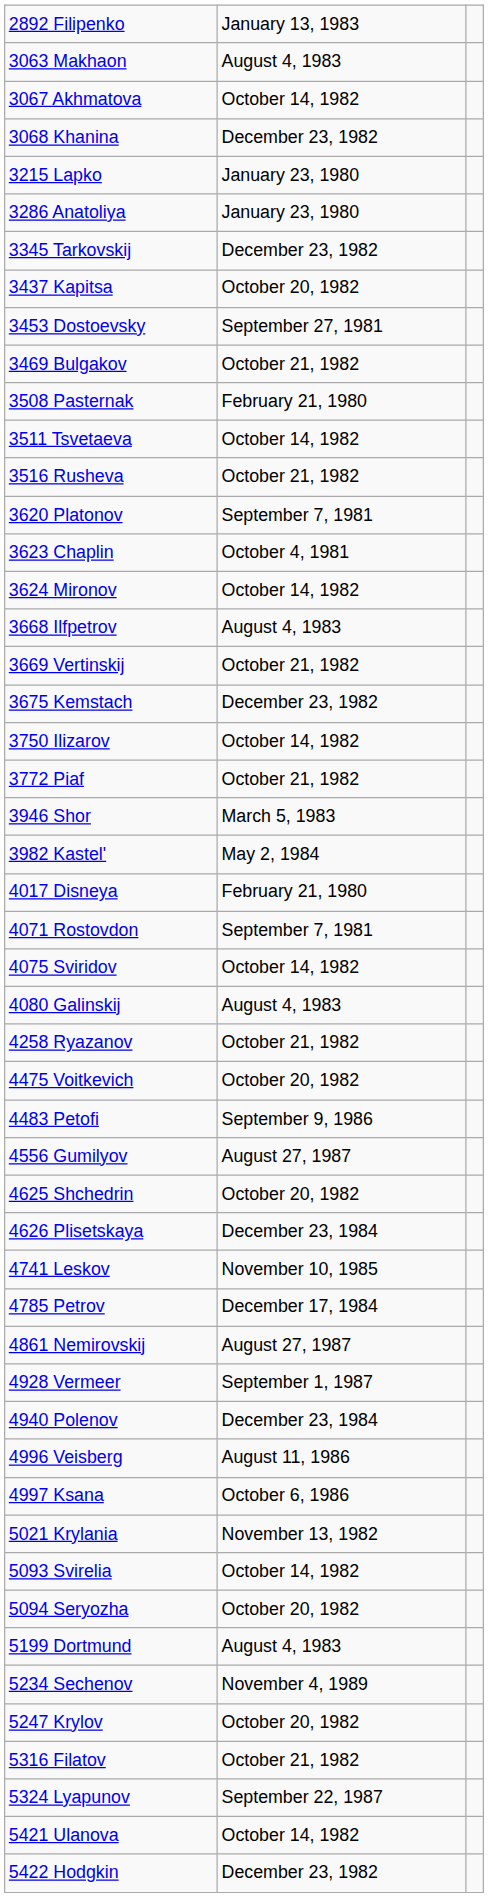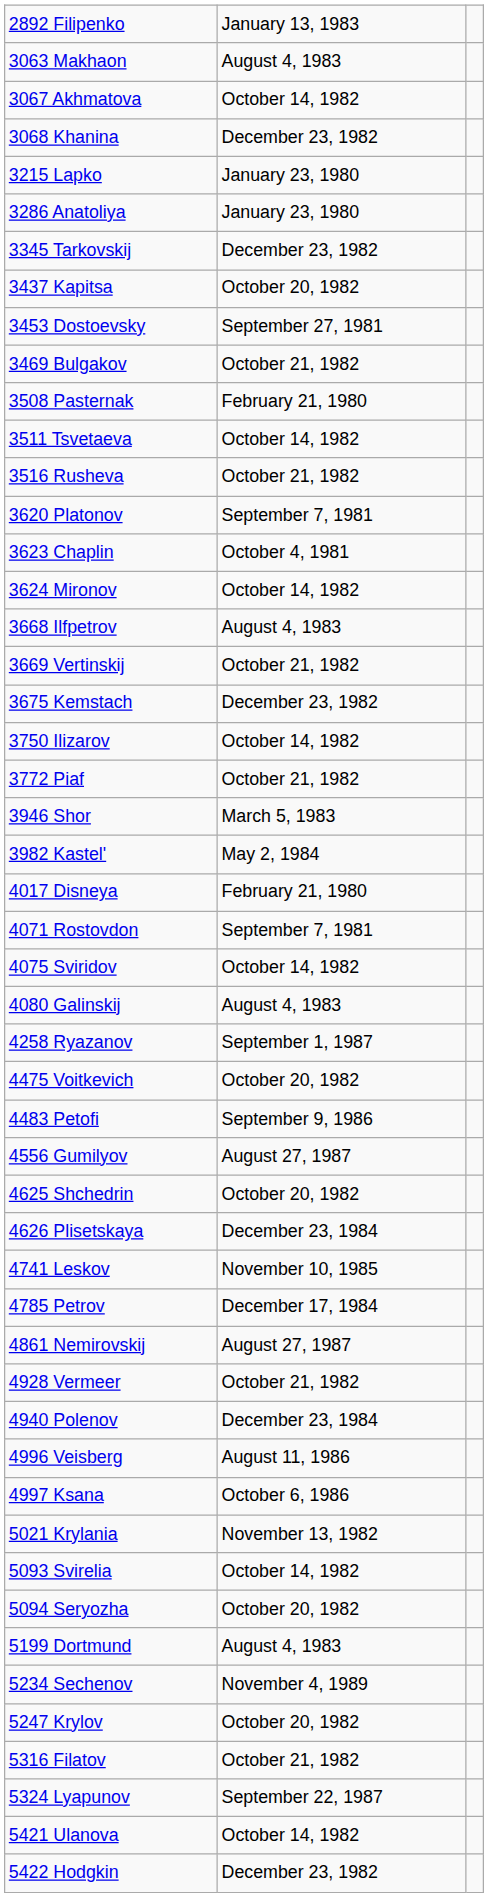 <table class="wikitable" style="font-size: 89%; float: left; width: 27em; margin-right: 1em; line-height: 1.65em !important; height: 540px;">
 <tr>
 <td><a href='#'>2892 Filipenko</a></td>
 <td>January 13, 1983</td>
 <td></td>
 </tr>
 <tr>
 <td><a href='#'>3063 Makhaon</a></td>
 <td>August 4, 1983</td>
 <td></td>
 </tr>
 <tr>
 <td><a href='#'>3067 Akhmatova</a></td>
 <td>October 14, 1982</td>
 <td> </td>
 </tr>
 <tr>
 <td><a href='#'>3068 Khanina</a></td>
 <td>December 23, 1982</td>
 <td></td>
 </tr>
 <tr>
 <td><a href='#'>3215 Lapko</a></td>
 <td>January 23, 1980</td>
 <td></td>
 </tr>
 <tr>
 <td><a href='#'>3286 Anatoliya</a></td>
 <td>January 23, 1980</td>
 <td></td>
 </tr>
 <tr>
 <td><a href='#'>3345 Tarkovskij</a></td>
 <td>December 23, 1982</td>
 <td></td>
 </tr>
 <tr>
 <td><a href='#'>3437 Kapitsa</a></td>
 <td>October 20, 1982</td>
 <td></td>
 </tr>
 <tr>
 <td><a href='#'>3453 Dostoevsky</a></td>
 <td>September 27, 1981</td>
 <td></td>
 </tr>
 <tr>
 <td><a href='#'>3469 Bulgakov</a></td>
 <td>October 21, 1982</td>
 <td></td>
 </tr>
 <tr>
 <td><a href='#'>3508 Pasternak</a></td>
 <td>February 21, 1980</td>
 <td></td>
 </tr>
 <tr>
 <td><a href='#'>3511 Tsvetaeva</a></td>
 <td>October 14, 1982</td>
 <td> </td>
 </tr>
 <tr>
 <td><a href='#'>3516 Rusheva</a></td>
 <td>October 21, 1982</td>
 <td></td>
 </tr>
 <tr>
 <td><a href='#'>3620 Platonov</a></td>
 <td>September 7, 1981</td>
 <td></td>
 </tr>
 <tr>
 <td><a href='#'>3623 Chaplin</a></td>
 <td>October 4, 1981</td>
 <td></td>
 </tr>
 <tr>
 <td><a href='#'>3624 Mironov</a></td>
 <td>October 14, 1982</td>
 <td> </td>
 </tr>
 <tr>
 <td><a href='#'>3668 Ilfpetrov</a></td>
 <td>August 4, 1983</td>
 <td></td>
 </tr>
 <tr>
 <td><a href='#'>3669 Vertinskij</a></td>
 <td>October 21, 1982</td>
 <td></td>
 </tr>
 <tr>
 <td><a href='#'>3675 Kemstach</a></td>
 <td>December 23, 1982</td>
 <td></td>
 </tr>
 <tr>
 <td><a href='#'>3750 Ilizarov</a></td>
 <td>October 14, 1982</td>
 <td></td>
 </tr>
 <tr>
 <td><a href='#'>3772 Piaf</a></td>
 <td>October 21, 1982</td>
 <td></td>
 </tr>
 <tr>
 <td><a href='#'>3946 Shor</a></td>
 <td>March 5, 1983</td>
 <td></td>
 </tr>
 <tr>
 <td><a href='#'>3982 Kastelʹ</a></td>
 <td>May 2, 1984</td>
 <td></td>
 </tr>
 <tr>
 <td><a href='#'>4017 Disneya</a></td>
 <td>February 21, 1980</td>
 <td></td>
 </tr>
 <tr>
 <td><a href='#'>4071 Rostovdon</a></td>
 <td>September 7, 1981</td>
 <td></td>
 </tr>
 <tr>
 <td><a href='#'>4075 Sviridov</a></td>
 <td>October 14, 1982</td>
 <td></td>
 </tr>
 <tr>
 <td><a href='#'>4080 Galinskij</a></td>
 <td>August 4, 1983</td>
 <td></td>
 </tr>
 <tr>
 <td><a href='#'>4258 Ryazanov</a></td>
-<td>October 21, 1982</td>
+<td>September 1, 1987</td>
 <td></td>
 </tr>
 <tr>
 <td><a href='#'>4475 Voitkevich</a></td>
 <td>October 20, 1982</td>
 <td></td>
 </tr>
 <tr>
 <td><a href='#'>4483 Petofi</a></td>
 <td>September 9, 1986</td>
 <td></td>
 </tr>
 <tr>
 <td><a href='#'>4556 Gumilyov</a></td>
 <td>August 27, 1987</td>
 <td></td>
 </tr>
 <tr>
 <td><a href='#'>4625 Shchedrin</a></td>
 <td>October 20, 1982</td>
 <td></td>
 </tr>
 <tr>
 <td><a href='#'>4626 Plisetskaya</a></td>
 <td>December 23, 1984</td>
 <td></td>
 </tr>
 <tr>
 <td><a href='#'>4741 Leskov</a></td>
 <td>November 10, 1985</td>
 <td></td>
 </tr>
 <tr>
 <td><a href='#'>4785 Petrov</a></td>
 <td>December 17, 1984</td>
 <td></td>
 </tr>
 <tr>
 <td><a href='#'>4861 Nemirovskij</a></td>
 <td>August 27, 1987</td>
 <td></td>
 </tr>
 <tr>
 <td><a href='#'>4928 Vermeer</a></td>
-<td>September 1, 1987</td>
+<td>October 21, 1982</td>
 <td></td>
 </tr>
 <tr>
 <td><a href='#'>4940 Polenov</a></td>
 <td>December 23, 1984</td>
 <td></td>
 </tr>
 <tr>
 <td><a href='#'>4996 Veisberg</a></td>
 <td>August 11, 1986</td>
 <td></td>
 </tr>
 <tr>
 <td><a href='#'>4997 Ksana</a></td>
 <td>October 6, 1986</td>
 <td></td>
 </tr>
 <tr>
 <td><a href='#'>5021 Krylania</a></td>
 <td>November 13, 1982</td>
 <td></td>
 </tr>
 <tr>
 <td><a href='#'>5093 Svirelia</a></td>
 <td>October 14, 1982</td>
 <td></td>
 </tr>
 <tr>
 <td><a href='#'>5094 Seryozha</a></td>
 <td>October 20, 1982</td>
 <td></td>
 </tr>
 <tr>
 <td><a href='#'>5199 Dortmund</a></td>
 <td>August 4, 1983</td>
 <td></td>
 </tr>
 <tr>
 <td><a href='#'>5234 Sechenov</a></td>
 <td>November 4, 1989</td>
 <td></td>
 </tr>
 <tr>
 <td><a href='#'>5247 Krylov</a></td>
 <td>October 20, 1982</td>
 <td></td>
 </tr>
 <tr>
 <td><a href='#'>5316 Filatov</a></td>
 <td>October 21, 1982</td>
 <td></td>
 </tr>
 <tr>
 <td><a href='#'>5324 Lyapunov</a></td>
 <td>September 22, 1987</td>
 <td></td>
 </tr>
 <tr>
 <td><a href='#'>5421 Ulanova</a></td>
 <td>October 14, 1982</td>
 <td> </td>
 </tr>
 <tr>
 <td><a href='#'>5422 Hodgkin</a></td>
 <td>December 23, 1982</td>
 <td></td>
 </tr>
 </table>
